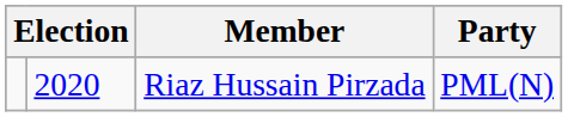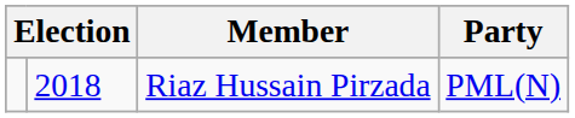 <table class="wikitable">
 <tr>
 <th colspan="2">Election</th>
 <th>Member</th>
 <th>Party</th>
 </tr>
 <tr>
 <td style="background-color: "></td>
-<td><a href='#'>2020</a></td>
+<td><a href='#'>2018</a></td>
 <td><a href='#'>Riaz Hussain Pirzada</a></td>
 <td><a href='#'>PML(N)</a></td>
 </tr>
 </table>
